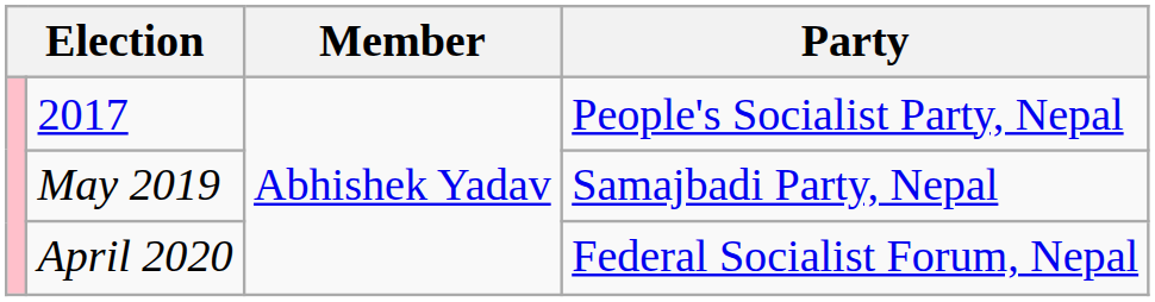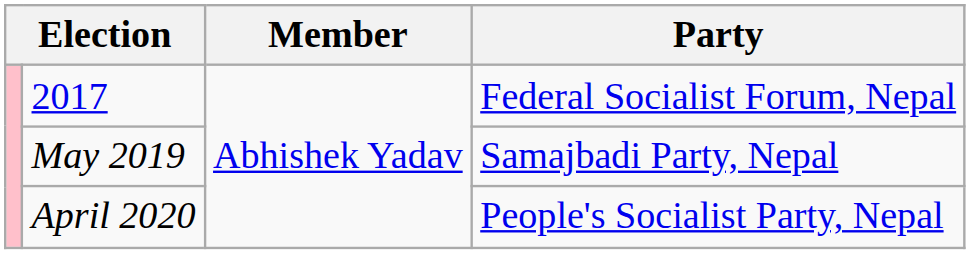 <table class="wikitable">
 <tr>
 <th colspan="2">Election</th>
 <th>Member</th>
 <th>Party</th>
 </tr>
 <tr>
 <td rowspan="3" style="background-color:pink"></td>
 <td><a href='#'>2017</a></td>
 <td rowspan="3"><a href='#'>Abhishek Yadav</a></td>
-<td><a href='#'>People's Socialist Party, Nepal</a></td>
+<td><a href='#'>Federal Socialist Forum, Nepal</a></td>
 </tr>
 <tr>
 <td><em>May 2019</em></td>
 <td><a href='#'>Samajbadi Party, Nepal</a></td>
 </tr>
 <tr>
 <td><em>April 2020</em></td>
-<td><a href='#'>Federal Socialist Forum, Nepal</a></td>
+<td><a href='#'>People's Socialist Party, Nepal</a></td>
 </tr>
 </table>
